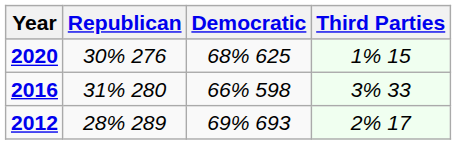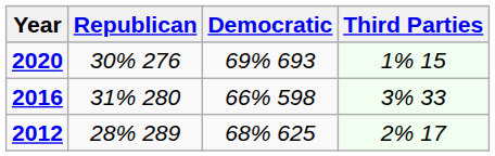 <table class="wikitable" style="float:right; font-size:95%;">
 <tr bgcolor=lightgrey>
 <th>Year</th>
 <th><a href='#'>Republican</a></th>
 <th><a href='#'>Democratic</a></th>
 <th><a href='#'>Third Parties</a></th>
 </tr>
 <tr>
 <td style="text-align:center; "><strong><a href='#'>2020</a></strong></td>
 <td style="text-align:center; "><em>30%</em> <em>276</em></td>
-<td style="text-align:center; "><em>68%</em> <em>625</em></td>
+<td style="text-align:center; "><em>69%</em> <em>693</em></td>
 <td style="text-align:center; background:honeyDew;"><em>1%</em> <em>15</em></td>
 </tr>
 <tr>
 <td style="text-align:center; "><strong><a href='#'>2016</a></strong></td>
 <td style="text-align:center; "><em>31%</em> <em>280</em></td>
 <td style="text-align:center; "><em>66%</em> <em>598</em></td>
 <td style="text-align:center; background:honeyDew;"><em>3%</em> <em>33</em></td>
 </tr>
 <tr>
 <td style="text-align:center; "><strong><a href='#'>2012</a></strong></td>
 <td style="text-align:center; "><em>28%</em> <em>289</em></td>
-<td style="text-align:center; "><em>69%</em> <em>693</em></td>
+<td style="text-align:center; "><em>68%</em> <em>625</em></td>
 <td style="text-align:center; background:honeyDew;"><em>2%</em> <em>17</em></td>
 </tr>
 </table>
